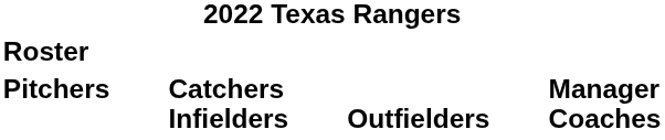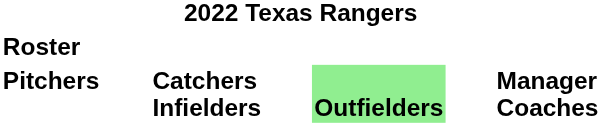 <table class="toccolours" style="font-size: 95%;">
 <tr>
 <th colspan="10">2022 Texas Rangers</th>
 </tr>
 <tr>
 <td colspan="10"><strong>Roster</strong></td>
 </tr>
 <tr>
 <td valign="top"><strong>Pitchers</strong><br>                            </td>
 <td style="width:25px;"></td>
 <td valign="top"><strong>Catchers</strong><br>     <strong>Infielders</strong>         </td>
 <td width="25px"></td>
-<td valign="top"><br><strong>Outfielders</strong>            </td>
+<td valign="top" style="background: lightgreen;"><br><strong>Outfielders</strong>            </td>
 <td style="width:25px;"></td>
 <td valign="top"><strong>Manager</strong><br>  <strong>Coaches</strong>                        </td>
 </tr>
 </table>
